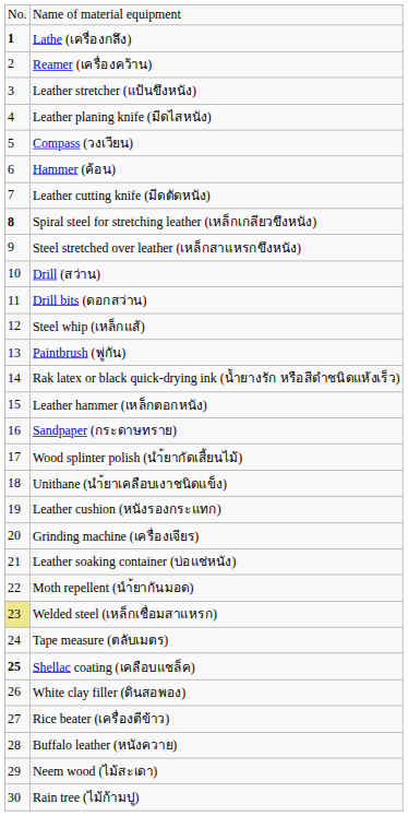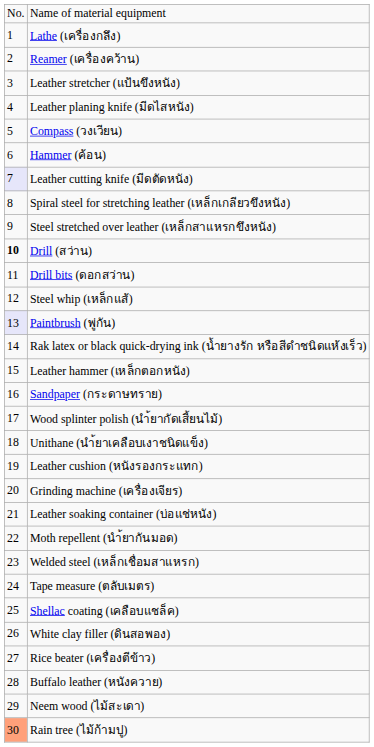 <table class="wikitable">
 <tr>
 <td>No.</td>
 <td>Name of material equipment</td>
 </tr>
 <tr>
-<td><strong>1</strong></td>
+<td>1</td>
 <td><a href='#'>Lathe</a> (เครื่องกลึง)</td>
 </tr>
 <tr>
 <td>2</td>
 <td><a href='#'>Reamer</a> (เครื่องคว้าน)</td>
 </tr>
 <tr>
 <td>3</td>
 <td>Leather stretcher (แป้นขึงหนัง)</td>
 </tr>
 <tr>
 <td>4</td>
 <td>Leather planing knife (มีดไสหนัง)</td>
 </tr>
 <tr>
 <td>5</td>
 <td><a href='#'>Compass</a> (วงเวียน)</td>
 </tr>
 <tr>
 <td>6</td>
 <td><a href='#'>Hammer</a> (ค้อน)</td>
 </tr>
 <tr>
-<td>7</td>
+<td style="background: lavender;">7</td>
 <td>Leather cutting knife (มีดตัดหนัง)</td>
 </tr>
 <tr>
-<td><strong>8</strong></td>
+<td>8</td>
 <td>Spiral steel for stretching leather (เหล็กเกลียวขึงหนัง)</td>
 </tr>
 <tr>
 <td>9</td>
 <td>Steel stretched over leather (เหล็กสาแหรกขึงหนัง)</td>
 </tr>
 <tr>
-<td>10</td>
+<td><strong>10</strong></td>
 <td><a href='#'>Drill</a> (สว่าน)</td>
 </tr>
 <tr>
 <td>11</td>
 <td><a href='#'>Drill bits</a> (ดอกสว่าน)</td>
 </tr>
 <tr>
 <td>12</td>
 <td>Steel whip (เหล็กแส้)</td>
 </tr>
 <tr>
-<td>13</td>
+<td style="background: lavender;">13</td>
 <td><a href='#'>Paintbrush</a> (พู่กัน)</td>
 </tr>
 <tr>
 <td>14</td>
 <td>Rak latex or black quick-drying ink (น้ำยางรัก หรือสีดำชนิดแห้งเร็ว)</td>
 </tr>
 <tr>
 <td>15</td>
 <td>Leather hammer (เหล็กตอกหนัง)</td>
 </tr>
 <tr>
 <td>16</td>
 <td><a href='#'>Sandpaper</a> (กระดาษทราย)</td>
 </tr>
 <tr>
 <td>17</td>
 <td>Wood splinter polish (นำ้ยากัดเสี้ยนไม้)</td>
 </tr>
 <tr>
 <td>18</td>
 <td>Unithane (นำ้ยาเคลือบเงาชนิดแข็ง)</td>
 </tr>
 <tr>
 <td>19</td>
 <td>Leather cushion (หนังรองกระแทก)</td>
 </tr>
 <tr>
 <td>20</td>
 <td>Grinding machine (เครื่องเจียร)</td>
 </tr>
 <tr>
 <td>21</td>
 <td>Leather soaking container (บ่อแช่หนัง)</td>
 </tr>
 <tr>
 <td>22</td>
 <td>Moth repellent (นำ้ยากันมอด)</td>
 </tr>
 <tr>
-<td style="background: khaki;">23</td>
+<td>23</td>
 <td>Welded steel (เหล็กเชื่อมสาแหรก)</td>
 </tr>
 <tr>
 <td>24</td>
 <td>Tape measure (ตลับเมตร)</td>
 </tr>
 <tr>
-<td><strong>25</strong></td>
+<td>25</td>
 <td><a href='#'>Shellac</a> coating (เคลือบแชล็ค)</td>
 </tr>
 <tr>
 <td>26</td>
 <td>White clay filler (ดินสอพอง)</td>
 </tr>
 <tr>
 <td>27</td>
 <td>Rice beater (เครื่องตีข้าว)</td>
 </tr>
 <tr>
 <td>28</td>
 <td>Buffalo leather (หนังควาย)</td>
 </tr>
 <tr>
 <td>29</td>
 <td>Neem wood (ไม้สะเดา)</td>
 </tr>
 <tr>
-<td>30</td>
+<td style="background: lightsalmon;">30</td>
 <td>Rain tree (ไม้ก้ามปู)</td>
 </tr>
 </table>
